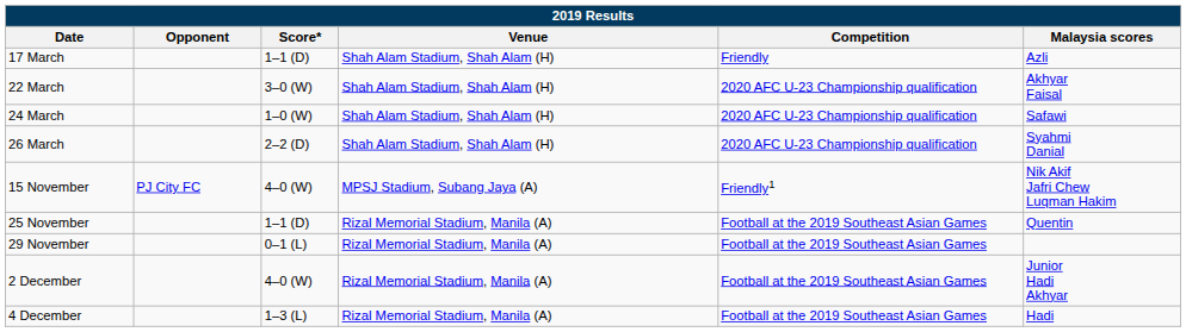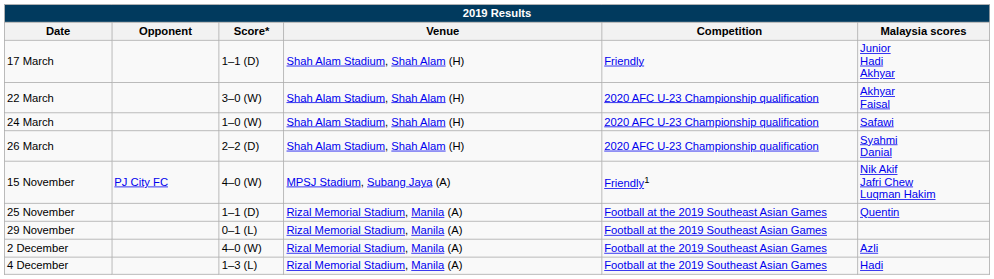 <table class="wikitable" width=100% style="text-align:left;font-size:90%;">
 <tr>
 <th colspan=9 style="background: #013A5E; color: #FFFFFF;">2019 Results</th>
 </tr>
 <tr>
 <th width=80>Date</th>
 <th width=80>Opponent</th>
 <th width=20>Score*</th>
 <th width=250>Venue</th>
 <th width=200>Competition</th>
 <th width=100>Malaysia scores</th>
 </tr>
 <tr>
 <td>17 March</td>
 <td></td>
 <td>1–1 (D)</td>
 <td><a href='#'>Shah Alam Stadium</a>, <a href='#'>Shah Alam</a> (H)</td>
 <td><a href='#'>Friendly</a></td>
-<td><a href='#'>Azli</a> </td>
+<td><a href='#'>Junior</a> <br><a href='#'>Hadi</a> <br><a href='#'>Akhyar</a> </td>
 </tr>
 <tr>
 <td>22 March</td>
 <td></td>
 <td>3–0 (W)</td>
 <td><a href='#'>Shah Alam Stadium</a>, <a href='#'>Shah Alam</a> (H)</td>
 <td><a href='#'>2020 AFC U-23 Championship qualification</a></td>
 <td><a href='#'>Akhyar</a> <br><a href='#'>Faisal</a> </td>
 </tr>
 <tr>
 <td>24 March</td>
 <td></td>
 <td>1–0 (W)</td>
 <td><a href='#'>Shah Alam Stadium</a>, <a href='#'>Shah Alam</a> (H)</td>
 <td><a href='#'>2020 AFC U-23 Championship qualification</a></td>
 <td><a href='#'>Safawi</a> </td>
 </tr>
 <tr>
 <td>26 March</td>
 <td></td>
 <td>2–2 (D)</td>
 <td><a href='#'>Shah Alam Stadium</a>, <a href='#'>Shah Alam</a> (H)</td>
 <td><a href='#'>2020 AFC U-23 Championship qualification</a></td>
 <td><a href='#'>Syahmi</a> <br><a href='#'>Danial</a> </td>
 </tr>
 <tr>
 <td>15 November</td>
 <td> <a href='#'>PJ City FC</a></td>
 <td>4–0 (W)</td>
 <td><a href='#'>MPSJ Stadium</a>, <a href='#'>Subang Jaya</a> (A)</td>
 <td><a href='#'>Friendly</a><sup>1</sup></td>
 <td><a href='#'>Nik Akif</a> <br><a href='#'>Jafri Chew</a> <br><a href='#'>Luqman Hakim</a> </td>
 </tr>
 <tr>
 <td>25 November</td>
 <td></td>
 <td>1–1 (D)</td>
 <td><a href='#'>Rizal Memorial Stadium</a>, <a href='#'>Manila</a> (A)</td>
 <td><a href='#'>Football at the 2019 Southeast Asian Games</a></td>
 <td><a href='#'>Quentin</a> </td>
 </tr>
 <tr>
 <td>29 November</td>
 <td></td>
 <td>0–1 (L)</td>
 <td><a href='#'>Rizal Memorial Stadium</a>, <a href='#'>Manila</a> (A)</td>
 <td><a href='#'>Football at the 2019 Southeast Asian Games</a></td>
 <td></td>
 </tr>
 <tr>
 <td>2 December</td>
 <td></td>
 <td>4–0 (W)</td>
 <td><a href='#'>Rizal Memorial Stadium</a>, <a href='#'>Manila</a> (A)</td>
 <td><a href='#'>Football at the 2019 Southeast Asian Games</a></td>
-<td><a href='#'>Junior</a> <br><a href='#'>Hadi</a> <br><a href='#'>Akhyar</a> </td>
+<td><a href='#'>Azli</a> </td>
 </tr>
 <tr>
 <td>4 December</td>
 <td></td>
 <td>1–3 (L)</td>
 <td><a href='#'>Rizal Memorial Stadium</a>, <a href='#'>Manila</a> (A)</td>
 <td><a href='#'>Football at the 2019 Southeast Asian Games</a></td>
 <td><a href='#'>Hadi</a> </td>
 </tr>
 </table>
